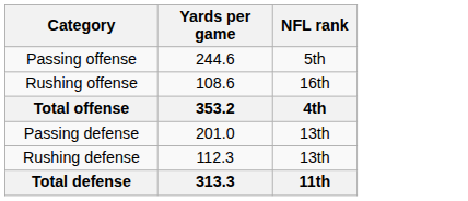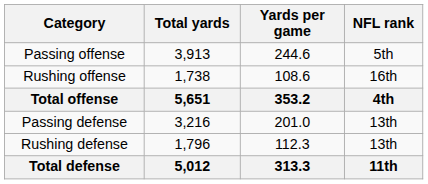 <table class="wikitable" style="text-align:center">
 <tr>
 <th width=150px>Category</th>
+<th width=100px>Total yards</th>
 <th width=110px>Yards per game</th>
 <th width=80px>NFL rank<br></th>
 </tr>
 <tr>
 <td>Passing offense</td>
+<td>3,913</td>
 <td>244.6</td>
 <td>5th</td>
 </tr>
 <tr>
 <td>Rushing offense</td>
+<td>1,738</td>
 <td>108.6</td>
 <td>16th</td>
 </tr>
 <tr>
 <th>Total offense</th>
+<th>5,651</th>
 <th>353.2</th>
 <th>4th</th>
 </tr>
 <tr>
 <td>Passing defense</td>
+<td>3,216</td>
 <td>201.0</td>
 <td>13th</td>
 </tr>
 <tr>
 <td>Rushing defense</td>
+<td>1,796</td>
 <td>112.3</td>
 <td>13th</td>
 </tr>
 <tr>
 <th>Total defense</th>
+<th>5,012</th>
 <th>313.3</th>
 <th>11th</th>
 </tr>
 </table>
